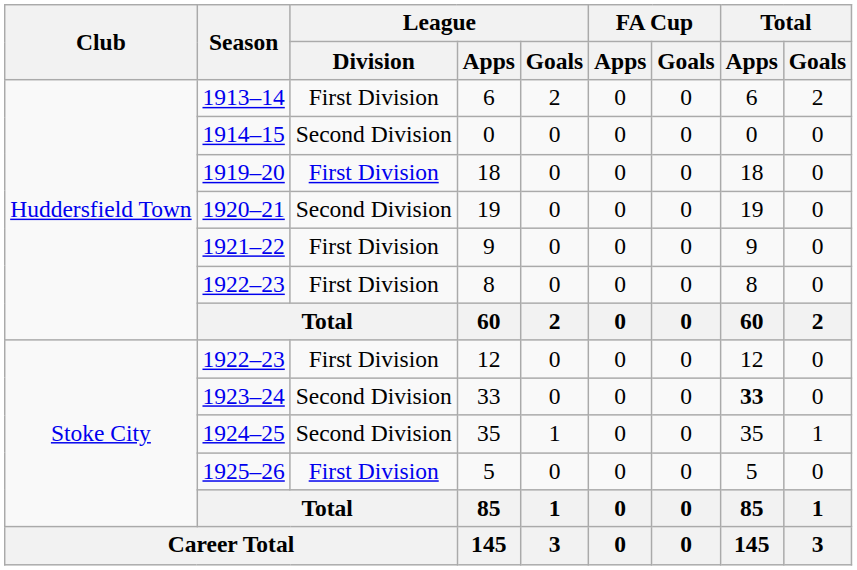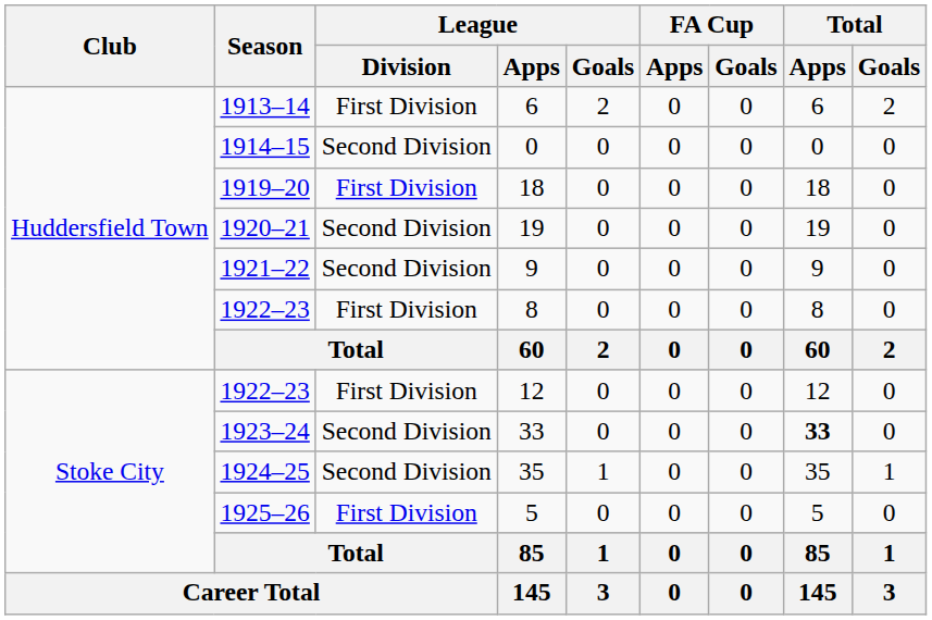 <table class="wikitable" style="text-align: center;">
 <tr>
 <th rowspan="2">Club</th>
 <th rowspan="2">Season</th>
 <th colspan="3">League</th>
 <th colspan="2">FA Cup</th>
 <th colspan="2">Total</th>
 </tr>
 <tr>
 <th>Division</th>
 <th>Apps</th>
 <th>Goals</th>
 <th>Apps</th>
 <th>Goals</th>
 <th>Apps</th>
 <th>Goals</th>
 </tr>
 <tr>
 <td rowspan="7"><a href='#'>Huddersfield Town</a></td>
 <td><a href='#'>1913–14</a></td>
 <td>First Division</td>
 <td>6</td>
 <td>2</td>
 <td>0</td>
 <td>0</td>
 <td>6</td>
 <td>2</td>
 </tr>
 <tr>
 <td><a href='#'>1914–15</a></td>
 <td>Second Division</td>
 <td>0</td>
 <td>0</td>
 <td>0</td>
 <td>0</td>
 <td>0</td>
 <td>0</td>
 </tr>
 <tr>
 <td><a href='#'>1919–20</a></td>
 <td><a href='#'>First Division</a></td>
 <td>18</td>
 <td>0</td>
 <td>0</td>
 <td>0</td>
 <td>18</td>
 <td>0</td>
 </tr>
 <tr>
 <td><a href='#'>1920–21</a></td>
 <td>Second Division</td>
 <td>19</td>
 <td>0</td>
 <td>0</td>
 <td>0</td>
 <td>19</td>
 <td>0</td>
 </tr>
 <tr>
 <td><a href='#'>1921–22</a></td>
-<td>First Division</td>
+<td>Second Division</td>
 <td>9</td>
 <td>0</td>
 <td>0</td>
 <td>0</td>
 <td>9</td>
 <td>0</td>
 </tr>
 <tr>
 <td><a href='#'>1922–23</a></td>
 <td>First Division</td>
 <td>8</td>
 <td>0</td>
 <td>0</td>
 <td>0</td>
 <td>8</td>
 <td>0</td>
 </tr>
 <tr>
 <th colspan=2>Total</th>
 <th>60</th>
 <th>2</th>
 <th>0</th>
 <th>0</th>
 <th>60</th>
 <th>2</th>
 </tr>
 <tr>
 <td rowspan="5"><a href='#'>Stoke City</a></td>
 <td><a href='#'>1922–23</a></td>
 <td>First Division</td>
 <td>12</td>
 <td>0</td>
 <td>0</td>
 <td>0</td>
 <td>12</td>
 <td>0</td>
 </tr>
 <tr>
 <td><a href='#'>1923–24</a></td>
 <td>Second Division</td>
 <td>33</td>
 <td>0</td>
 <td>0</td>
 <td>0</td>
 <td><strong>33</strong></td>
 <td>0</td>
 </tr>
 <tr>
 <td><a href='#'>1924–25</a></td>
 <td>Second Division</td>
 <td>35</td>
 <td>1</td>
 <td>0</td>
 <td>0</td>
 <td>35</td>
 <td>1</td>
 </tr>
 <tr>
 <td><a href='#'>1925–26</a></td>
 <td><a href='#'>First Division</a></td>
 <td>5</td>
 <td>0</td>
 <td>0</td>
 <td>0</td>
 <td>5</td>
 <td>0</td>
 </tr>
 <tr>
 <th colspan=2>Total</th>
 <th>85</th>
 <th>1</th>
 <th>0</th>
 <th>0</th>
 <th>85</th>
 <th>1</th>
 </tr>
 <tr>
 <th colspan="3">Career Total</th>
 <th>145</th>
 <th>3</th>
 <th>0</th>
 <th>0</th>
 <th>145</th>
 <th>3</th>
 </tr>
 </table>
